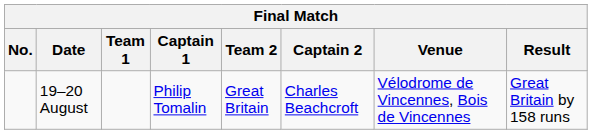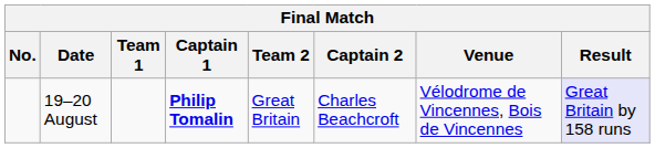 <table class="wikitable">
 <tr>
 <th colspan="9">Final Match</th>
 </tr>
 <tr>
 <th>No.</th>
 <th>Date</th>
 <th>Team 1</th>
 <th>Captain 1</th>
 <th>Team 2</th>
 <th>Captain 2</th>
 <th>Venue</th>
 <th>Result</th>
 </tr>
 <tr>
 <td></td>
 <td>19–20 August</td>
 <td></td>
-<td><a href='#'>Philip Tomalin</a></td>
+<td><strong><a href='#'>Philip Tomalin</a></strong></td>
 <td> <a href='#'>Great Britain</a></td>
 <td><a href='#'>Charles Beachcroft</a></td>
 <td><a href='#'>Vélodrome de Vincennes</a>, <a href='#'>Bois de Vincennes</a></td>
-<td> <a href='#'>Great Britain</a> by 158 runs</td>
+<td style="background: lavender;"> <a href='#'>Great Britain</a> by 158 runs</td>
 </tr>
 </table>
